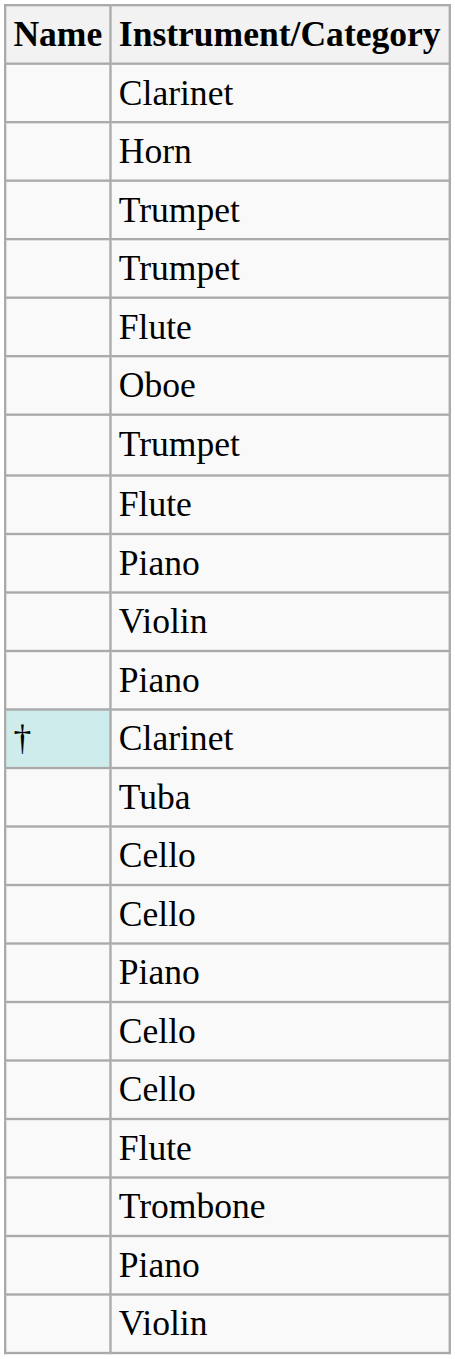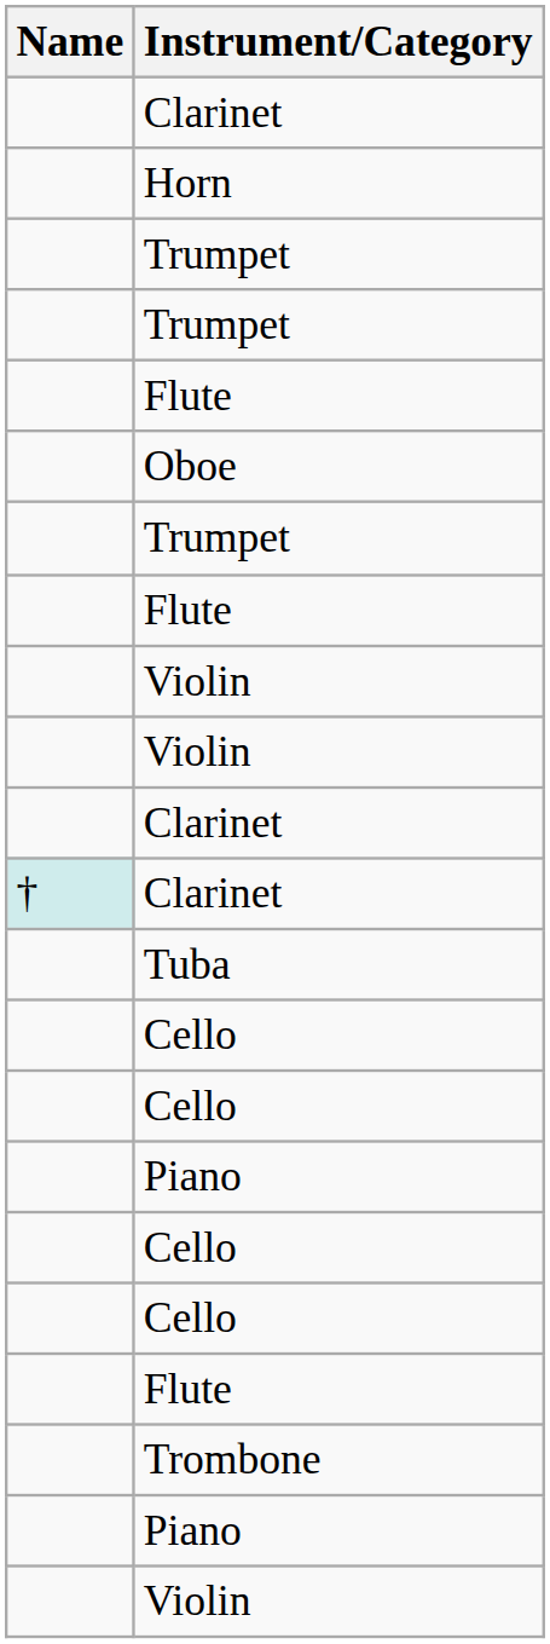 <table class="wikitable sortable" style="font-size: 95%">
 <tr>
 <th>Name</th>
 <th>Instrument/Category</th>
 </tr>
 <tr>
 <td></td>
 <td>Clarinet</td>
 </tr>
 <tr>
 <td><strong></strong></td>
 <td>Horn</td>
 </tr>
 <tr>
 <td></td>
 <td>Trumpet</td>
 </tr>
 <tr>
 <td></td>
 <td>Trumpet</td>
 </tr>
 <tr>
 <td></td>
 <td>Flute</td>
 </tr>
 <tr>
 <td></td>
 <td>Oboe</td>
 </tr>
 <tr>
 <td></td>
 <td>Trumpet</td>
 </tr>
 <tr>
 <td></td>
 <td>Flute</td>
 </tr>
 <tr>
 <td></td>
-<td>Piano</td>
+<td>Violin</td>
 </tr>
 <tr>
 <td></td>
 <td>Violin</td>
 </tr>
 <tr>
 <td></td>
-<td>Piano</td>
+<td>Clarinet</td>
 </tr>
 <tr>
 <td bgcolor="#CFECEC"><strong></strong>†</td>
 <td>Clarinet</td>
 </tr>
 <tr>
 <td></td>
 <td>Tuba</td>
 </tr>
 <tr>
 <td></td>
 <td>Cello</td>
 </tr>
 <tr>
 <td><strong></strong></td>
 <td>Cello</td>
 </tr>
 <tr>
 <td><strong></strong></td>
 <td>Piano</td>
 </tr>
 <tr>
 <td></td>
 <td>Cello</td>
 </tr>
 <tr>
 <td></td>
 <td>Cello</td>
 </tr>
 <tr>
 <td></td>
 <td>Flute</td>
 </tr>
 <tr>
 <td></td>
 <td>Trombone</td>
 </tr>
 <tr>
 <td></td>
 <td>Piano</td>
 </tr>
 <tr>
 <td></td>
 <td>Violin</td>
 </tr>
 </table>
